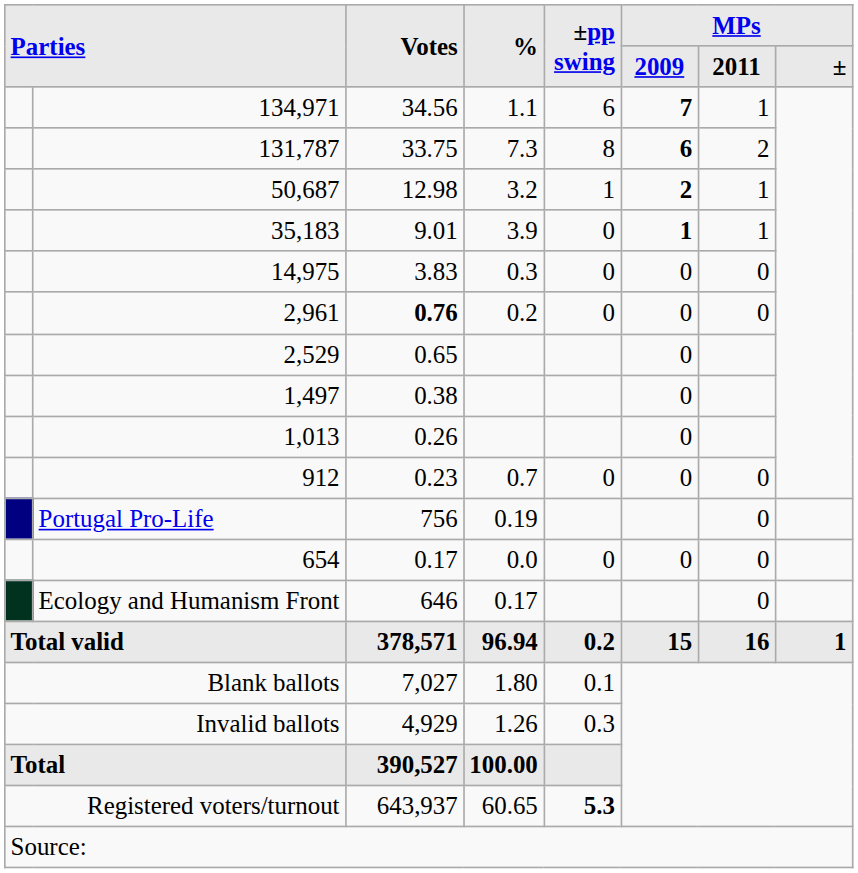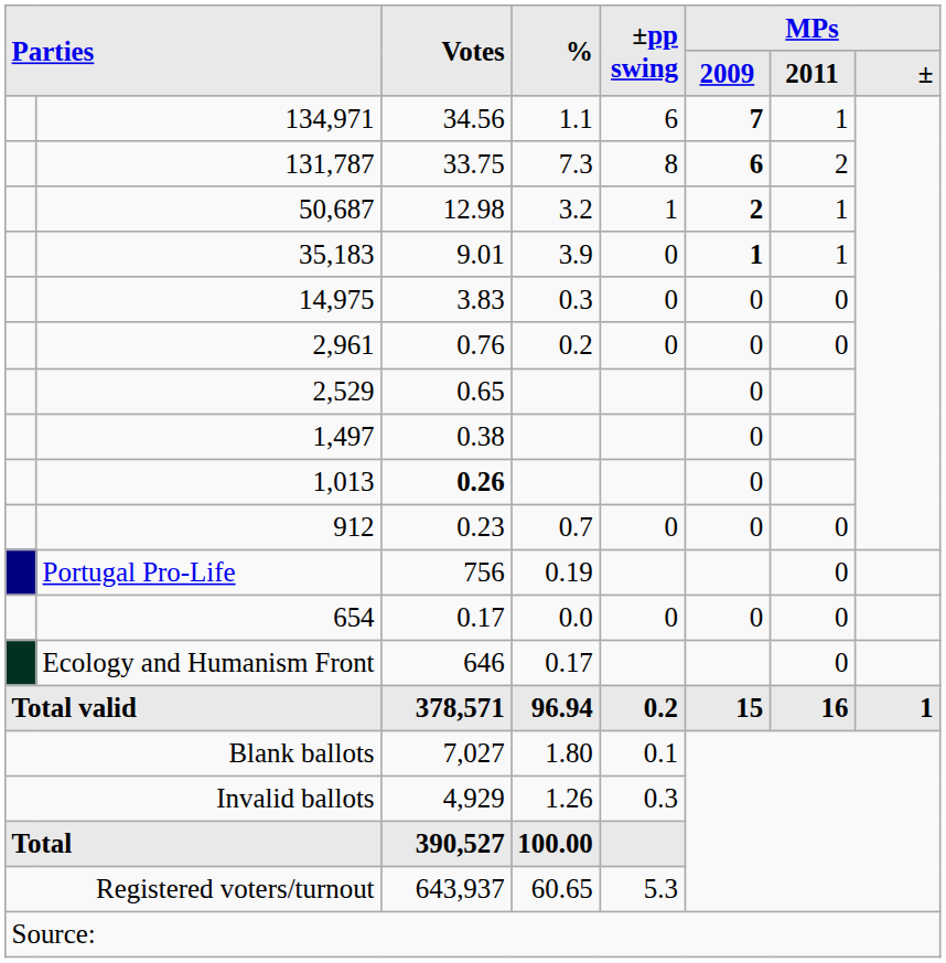 <table class="wikitable" style="text-align:right; font-size:95%;">
 <tr>
 <th rowspan="2" colspan="2" style="background:#e9e9e9; text-align:left;" alignleft><a href='#'>Parties</a></th>
 <th rowspan="2" style="background:#e9e9e9; text-align:right;">Votes</th>
 <th rowspan="2" style="background:#e9e9e9; text-align:right;">%</th>
 <th rowspan="2" style="background:#e9e9e9; text-align:right;">±<a href='#'>pp</a> <a href='#'>swing</a></th>
 <th colspan="3" style="background:#e9e9e9; text-align:center;"><a href='#'>MPs</a></th>
 </tr>
 <tr style="background-color:#E9E9E9">
 <th style="background-color:#E9E9E9;text-align:center;"><a href='#'>2009</a></th>
 <th style="background-color:#E9E9E9;text-align:center;">2011</th>
 <th style="background:#e9e9e9; text-align:right;">±</th>
 </tr>
 <tr>
 <td></td>
 <td>134,971</td>
 <td>34.56</td>
 <td>1.1</td>
 <td>6</td>
 <td><strong>7</strong></td>
 <td>1</td>
 </tr>
 <tr>
 <td></td>
 <td>131,787</td>
 <td>33.75</td>
 <td>7.3</td>
 <td>8</td>
 <td><strong>6</strong></td>
 <td>2</td>
 </tr>
 <tr>
 <td></td>
 <td>50,687</td>
 <td>12.98</td>
 <td>3.2</td>
 <td>1</td>
 <td><strong>2</strong></td>
 <td>1</td>
 </tr>
 <tr>
 <td></td>
 <td>35,183</td>
 <td>9.01</td>
 <td>3.9</td>
 <td>0</td>
 <td><strong>1</strong></td>
 <td>1</td>
 </tr>
 <tr>
 <td></td>
 <td>14,975</td>
 <td>3.83</td>
 <td>0.3</td>
 <td>0</td>
 <td>0</td>
 <td>0</td>
 </tr>
 <tr>
 <td></td>
 <td>2,961</td>
-<td><strong>0.76</strong></td>
+<td>0.76</td>
 <td>0.2</td>
 <td>0</td>
 <td>0</td>
 <td>0</td>
 </tr>
 <tr>
 <td></td>
 <td>2,529</td>
 <td>0.65</td>
 <td></td>
 <td></td>
 <td>0</td>
 <td></td>
 </tr>
 <tr>
 <td></td>
 <td>1,497</td>
 <td>0.38</td>
 <td></td>
 <td></td>
 <td>0</td>
 <td></td>
 </tr>
 <tr>
 <td></td>
 <td>1,013</td>
-<td>0.26</td>
+<td><strong>0.26</strong></td>
 <td></td>
 <td></td>
 <td>0</td>
 <td></td>
 </tr>
 <tr>
 <td></td>
 <td>912</td>
 <td>0.23</td>
 <td>0.7</td>
 <td>0</td>
 <td>0</td>
 <td>0</td>
 </tr>
 <tr>
 <td style="width:10px;background-color:#000080;text-align:center;"></td>
 <td style="text-align:left;"><a href='#'>Portugal Pro-Life</a></td>
 <td>756</td>
 <td>0.19</td>
 <td></td>
 <td></td>
 <td>0</td>
 <td></td>
 </tr>
 <tr>
 <td></td>
 <td>654</td>
 <td>0.17</td>
 <td>0.0</td>
 <td>0</td>
 <td>0</td>
 <td>0</td>
 </tr>
 <tr>
 <td style="width:10px;background-color:#013220;text-align:center;"></td>
 <td style="text-align:left;">Ecology and Humanism Front </td>
 <td>646</td>
 <td>0.17</td>
 <td></td>
 <td></td>
 <td>0</td>
 <td></td>
 </tr>
 <tr>
 <td colspan=2 align=left style="background-color:#E9E9E9"><strong>Total valid</strong></td>
 <td width="65" align="right" style="background-color:#E9E9E9"><strong>378,571</strong></td>
 <td width="40" align="right" style="background-color:#E9E9E9"><strong>96.94</strong></td>
 <td width="40" align="right" style="background-color:#E9E9E9"><strong>0.2</strong></td>
 <td width="40" align="right" style="background-color:#E9E9E9"><strong>15</strong></td>
 <td width="40" align="right" style="background-color:#E9E9E9"><strong>16</strong></td>
 <td width="40" align="right" style="background-color:#E9E9E9"><strong>1</strong></td>
 </tr>
 <tr>
 <td colspan=2>Blank ballots</td>
 <td>7,027</td>
 <td>1.80</td>
 <td>0.1</td>
 <td colspan=4 rowspan=4></td>
 </tr>
 <tr>
 <td colspan=2>Invalid ballots</td>
 <td>4,929</td>
 <td>1.26</td>
 <td>0.3</td>
 </tr>
 <tr>
 <td colspan=2 align=left style="background-color:#E9E9E9"><strong>Total</strong></td>
 <td width="50" align="right" style="background-color:#E9E9E9"><strong>390,527</strong></td>
 <td width="40" align="right" style="background-color:#E9E9E9"><strong>100.00</strong></td>
 <td width="40" align="right" style="background-color:#E9E9E9"></td>
 </tr>
 <tr>
 <td colspan=2>Registered voters/turnout</td>
 <td>643,937</td>
 <td>60.65</td>
-<td><strong>5.3</strong></td>
+<td>5.3</td>
 </tr>
 <tr>
 <td colspan=11 align=left>Source: </td>
 </tr>
 </table>
